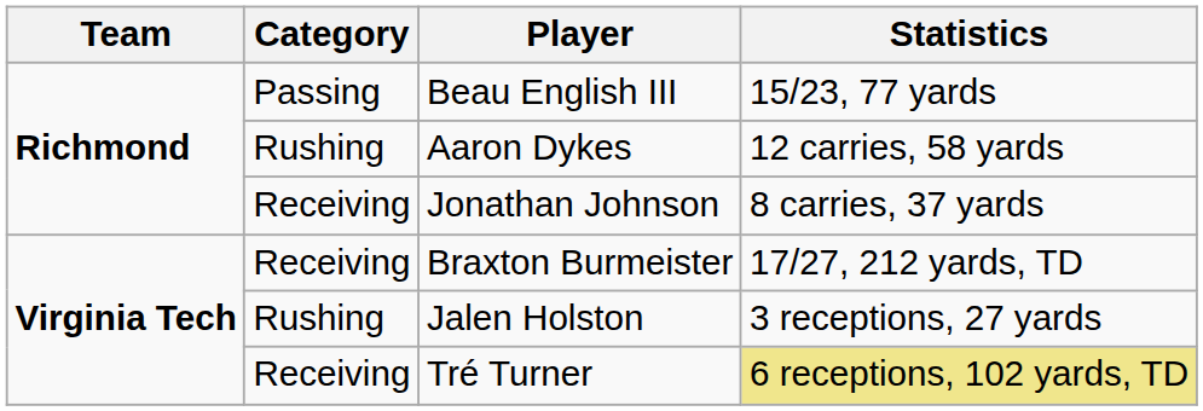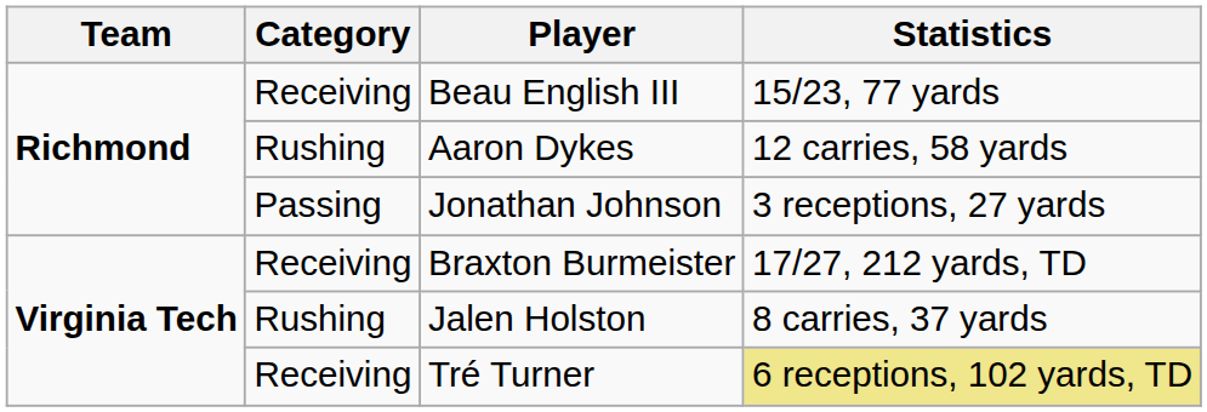 <table class="wikitable" style="float: right;">
 <tr>
 <th>Team</th>
 <th>Category</th>
 <th>Player</th>
 <th>Statistics</th>
 </tr>
 <tr>
 <td rowspan=3><strong>Richmond</strong></td>
-<td>Passing</td>
+<td>Receiving</td>
 <td>Beau English III</td>
 <td>15/23, 77 yards</td>
 </tr>
 <tr>
 <td>Rushing</td>
 <td>Aaron Dykes</td>
 <td>12 carries, 58 yards</td>
 </tr>
 <tr>
-<td>Receiving</td>
+<td>Passing</td>
 <td>Jonathan Johnson</td>
-<td>8 carries, 37 yards</td>
+<td>3 receptions, 27 yards</td>
 </tr>
 <tr>
 <td rowspan=3><strong>Virginia Tech</strong></td>
 <td>Receiving</td>
 <td>Braxton Burmeister</td>
 <td>17/27, 212 yards, TD</td>
 </tr>
 <tr>
 <td>Rushing</td>
 <td>Jalen Holston</td>
-<td>3 receptions, 27 yards</td>
+<td>8 carries, 37 yards</td>
 </tr>
 <tr>
 <td>Receiving</td>
 <td>Tré Turner</td>
 <td style="background: khaki;">6 receptions, 102 yards, TD</td>
 </tr>
 </table>
